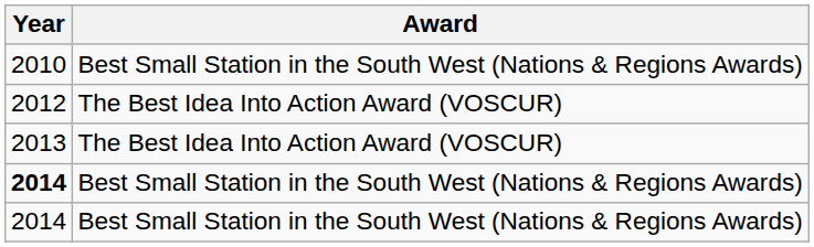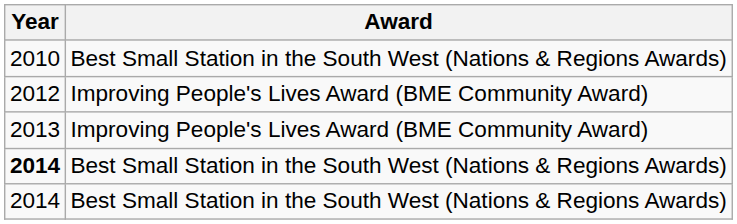 <table class="wikitable">
 <tr>
 <th>Year</th>
 <th>Award</th>
 </tr>
 <tr>
 <td>2010</td>
 <td>Best Small Station in the South West (Nations & Regions Awards)</td>
 </tr>
 <tr>
 <td>2012</td>
-<td>The Best Idea Into Action Award (VOSCUR)</td>
+<td>Improving People's Lives Award (BME Community Award)</td>
 </tr>
 <tr>
 <td>2013</td>
-<td>The Best Idea Into Action Award (VOSCUR)</td>
+<td>Improving People's Lives Award (BME Community Award)</td>
 </tr>
 <tr>
 <td><strong>2014</strong></td>
 <td>Best Small Station in the South West (Nations & Regions Awards)</td>
 </tr>
 <tr>
 <td>2014</td>
 <td>Best Small Station in the South West (Nations & Regions Awards)</td>
 </tr>
 </table>
